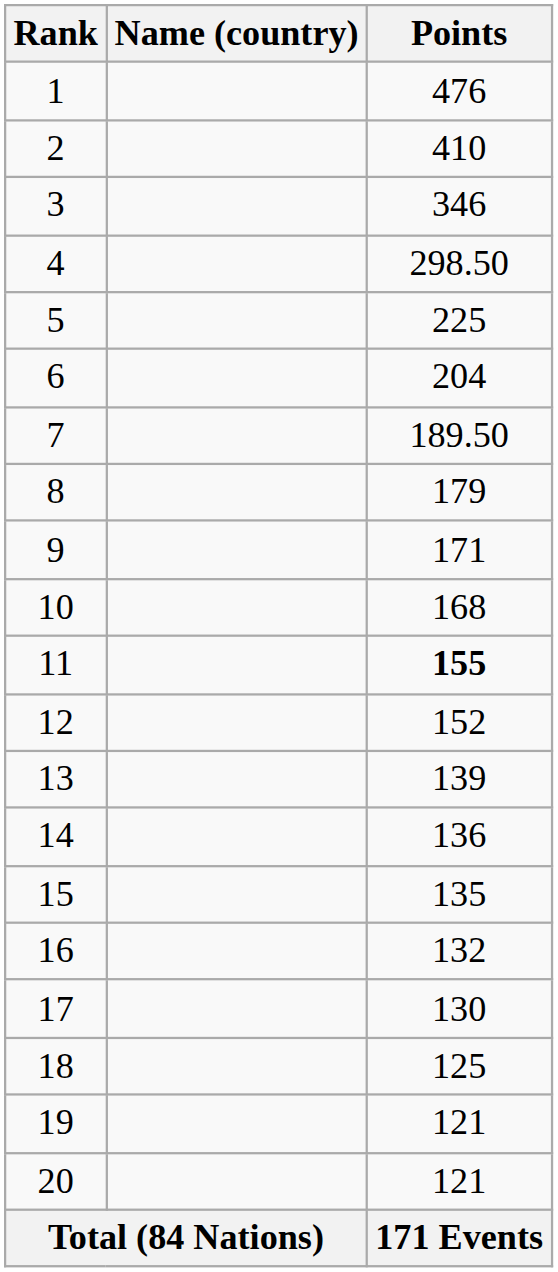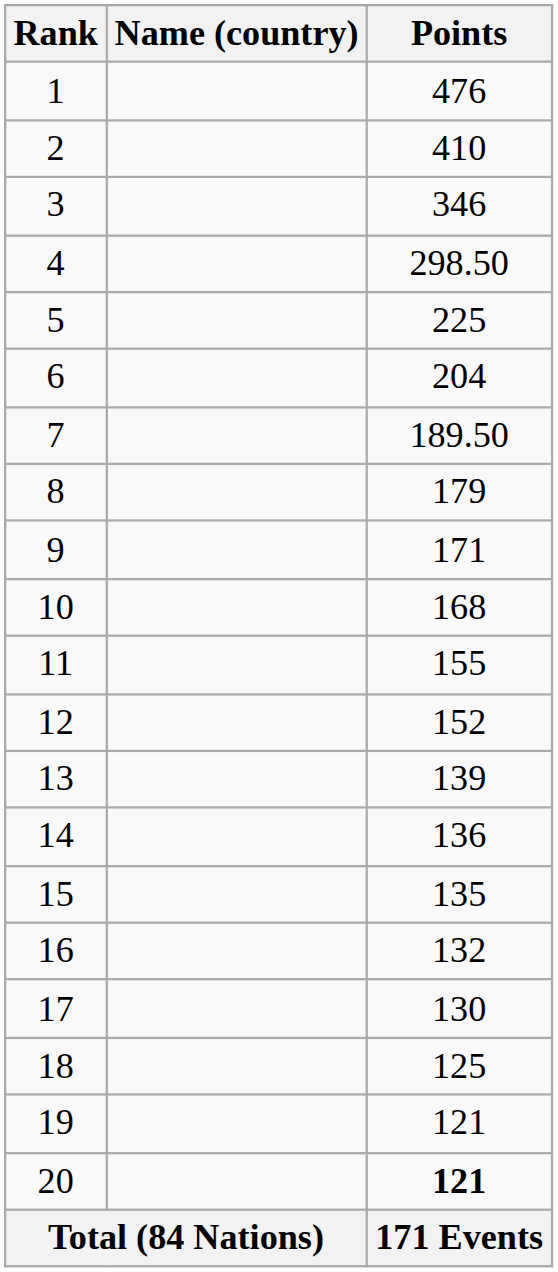 <table class=wikitable>
 <tr>
 <th>Rank</th>
 <th>Name (country)</th>
 <th>Points</th>
 </tr>
 <tr>
 <td align=center>1</td>
 <td align=left></td>
 <td align=center>476</td>
 </tr>
 <tr>
 <td align=center>2</td>
 <td align=left></td>
 <td align=center>410</td>
 </tr>
 <tr>
 <td align=center>3</td>
 <td align=left></td>
 <td align=center>346</td>
 </tr>
 <tr>
 <td align=center>4</td>
 <td align=left></td>
 <td align=center>298.50</td>
 </tr>
 <tr>
 <td align=center>5</td>
 <td align=left></td>
 <td align=center>225</td>
 </tr>
 <tr>
 <td align=center>6</td>
 <td align=left></td>
 <td align=center>204</td>
 </tr>
 <tr>
 <td align=center>7</td>
 <td align=left></td>
 <td align=center>189.50</td>
 </tr>
 <tr>
 <td align=center>8</td>
 <td align=left></td>
 <td align=center>179</td>
 </tr>
 <tr>
 <td align=center>9</td>
 <td align=left></td>
 <td align=center>171</td>
 </tr>
 <tr>
 <td align=center>10</td>
 <td align=left></td>
 <td align=center>168</td>
 </tr>
 <tr>
 <td align=center>11</td>
 <td align=left></td>
-<td align=center><strong>155</strong></td>
+<td align=center>155</td>
 </tr>
 <tr>
 <td align=center>12</td>
 <td align=left></td>
 <td align=center>152</td>
 </tr>
 <tr>
 <td align=center>13</td>
 <td align=left></td>
 <td align=center>139</td>
 </tr>
 <tr>
 <td align=center>14</td>
 <td align=left></td>
 <td align=center>136</td>
 </tr>
 <tr>
 <td align=center>15</td>
 <td align=left></td>
 <td align=center>135</td>
 </tr>
 <tr>
 <td align=center>16</td>
 <td align=left></td>
 <td align=center>132</td>
 </tr>
 <tr>
 <td align=center>17</td>
 <td align=left></td>
 <td align=center>130</td>
 </tr>
 <tr>
 <td align=center>18</td>
 <td align=left></td>
 <td align=center>125</td>
 </tr>
 <tr>
 <td align=center>19</td>
 <td align=left></td>
 <td align=center>121</td>
 </tr>
 <tr>
 <td align=center>20</td>
 <td align=left></td>
-<td align=center>121</td>
+<td align=center><strong>121</strong></td>
 </tr>
 <tr class="sortbottom">
 <th colspan=2>Total (84 Nations)</th>
 <th>171 Events</th>
 </tr>
 </table>
